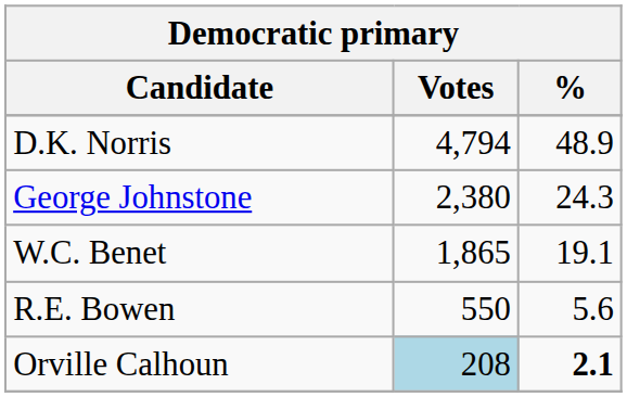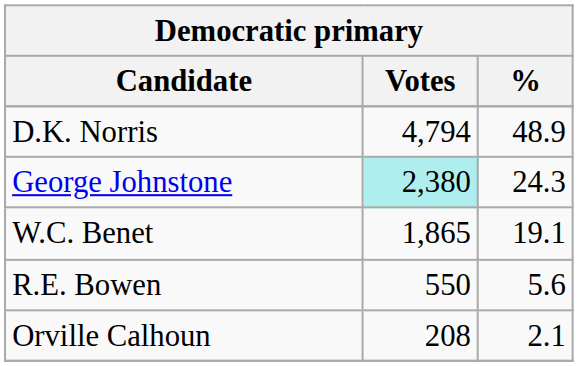 <table class="wikitable" align="left" style="margin: 1em 1em 1em 0; font-size: 95%;">
 <tr>
 <th colspan="3">Democratic primary</th>
 </tr>
 <tr>
 <th colspan="1" style="width: 170px">Candidate</th>
 <th style="width: 50px">Votes</th>
 <th style="width: 40px">%</th>
 </tr>
 <tr>
 </tr>
 <tr>
 <td>D.K. Norris</td>
 <td align="right">4,794</td>
 <td align="right">48.9</td>
 </tr>
 <tr>
 <td><a href='#'>George Johnstone</a></td>
-<td align="right">2,380</td>
+<td align="right" style="background: paleturquoise;">2,380</td>
 <td align="right">24.3</td>
 </tr>
 <tr>
 <td>W.C. Benet</td>
 <td align="right">1,865</td>
 <td align="right">19.1</td>
 </tr>
 <tr>
 <td>R.E. Bowen</td>
 <td align="right">550</td>
 <td align="right">5.6</td>
 </tr>
 <tr>
 <td>Orville Calhoun</td>
-<td align="right" style="background: lightblue;">208</td>
-<td align="right"><strong>2.1</strong></td>
+<td align="right">208</td>
+<td align="right">2.1</td>
 </tr>
 <tr>
 </tr>
 </table>
